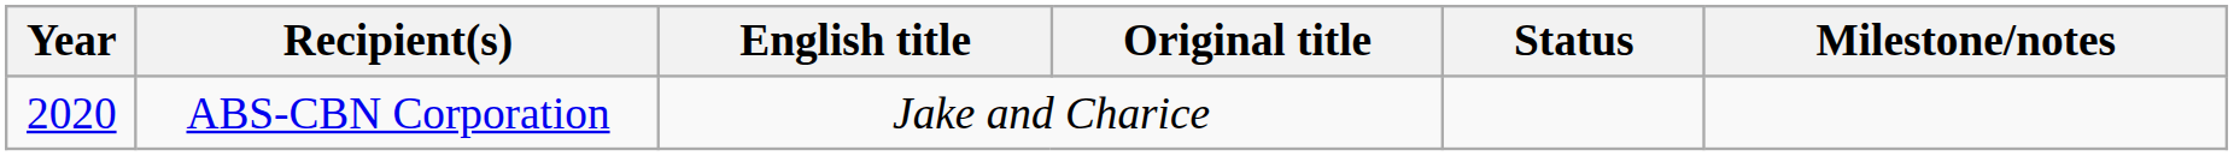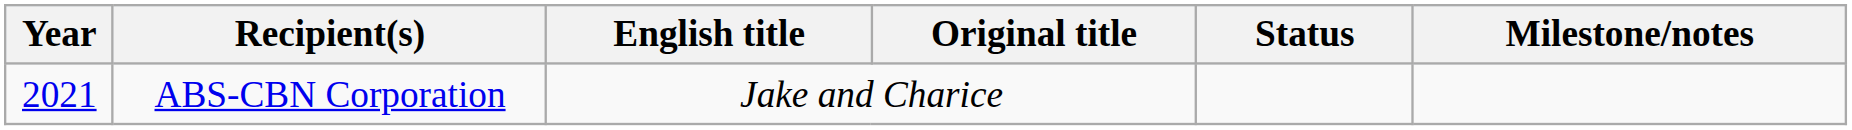 <table class="wikitable" style="text-align: center">
 <tr style="background:#ebf5ff;">
 <th width="5%">Year</th>
 <th width="20%">Recipient(s)</th>
 <th width="15%">English title</th>
 <th width="15%">Original title</th>
 <th width="10%">Status</th>
 <th width="20%">Milestone/notes</th>
 </tr>
 <tr>
-<td><a href='#'>2020</a></td>
+<td><a href='#'>2021</a></td>
 <td><a href='#'>ABS-CBN Corporation</a></td>
 <td colspan="2"><em>Jake and Charice</em></td>
 <td></td>
 <td></td>
 </tr>
 </table>
